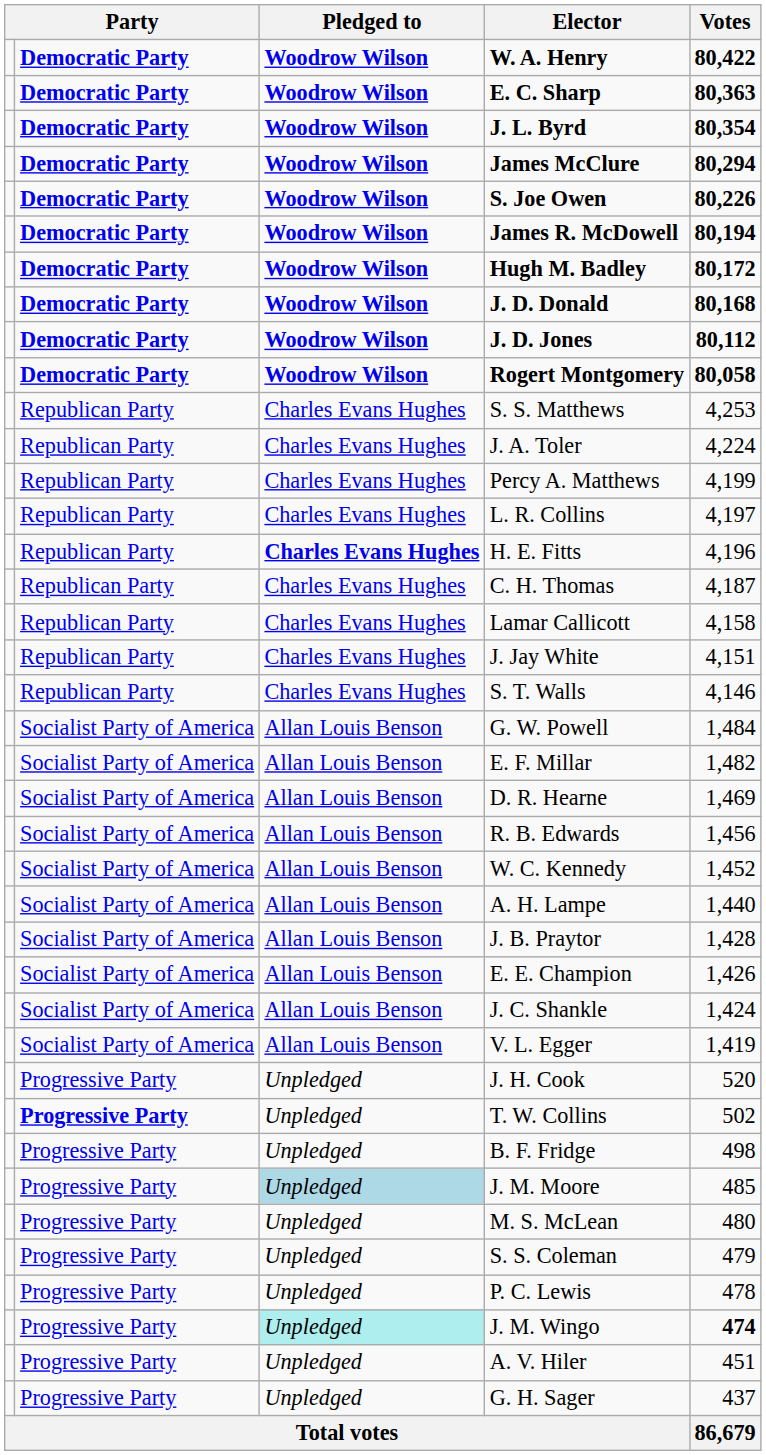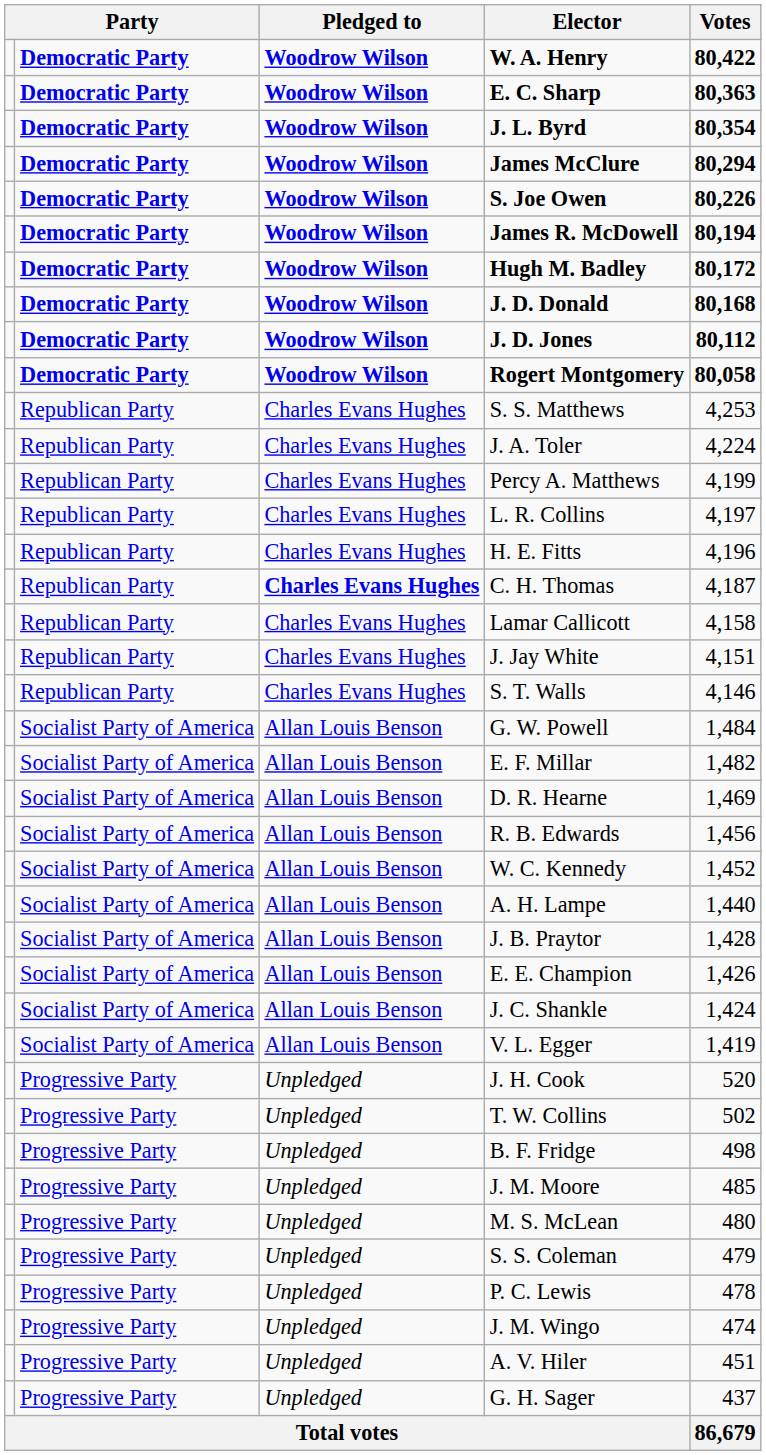 <table class="wikitable">
 <tr>
 <th colspan=2>Party</th>
 <th>Pledged to</th>
 <th>Elector</th>
 <th>Votes</th>
 </tr>
 <tr style="font-weight:bold">
 <td bgcolor=></td>
 <td><a href='#'>Democratic Party</a></td>
 <td><a href='#'>Woodrow Wilson</a></td>
 <td>W. A. Henry</td>
 <td align=right>80,422</td>
 </tr>
 <tr style="font-weight:bold">
 <td bgcolor=></td>
 <td><a href='#'>Democratic Party</a></td>
 <td><a href='#'>Woodrow Wilson</a></td>
 <td>E. C. Sharp</td>
 <td align=right>80,363</td>
 </tr>
 <tr style="font-weight:bold">
 <td bgcolor=></td>
 <td><a href='#'>Democratic Party</a></td>
 <td><a href='#'>Woodrow Wilson</a></td>
 <td>J. L. Byrd</td>
 <td align=right>80,354</td>
 </tr>
 <tr style="font-weight:bold">
 <td bgcolor=></td>
 <td><a href='#'>Democratic Party</a></td>
 <td><a href='#'>Woodrow Wilson</a></td>
 <td>James McClure</td>
 <td align=right>80,294</td>
 </tr>
 <tr style="font-weight:bold">
 <td bgcolor=></td>
 <td><a href='#'>Democratic Party</a></td>
 <td><a href='#'>Woodrow Wilson</a></td>
 <td>S. Joe Owen</td>
 <td align=right>80,226</td>
 </tr>
 <tr style="font-weight:bold">
 <td bgcolor=></td>
 <td><a href='#'>Democratic Party</a></td>
 <td><a href='#'>Woodrow Wilson</a></td>
 <td>James R. McDowell</td>
 <td align=right>80,194</td>
 </tr>
 <tr style="font-weight:bold">
 <td bgcolor=></td>
 <td><a href='#'>Democratic Party</a></td>
 <td><a href='#'>Woodrow Wilson</a></td>
 <td>Hugh M. Badley</td>
 <td align=right>80,172</td>
 </tr>
 <tr style="font-weight:bold">
 <td bgcolor=></td>
 <td><a href='#'>Democratic Party</a></td>
 <td><a href='#'>Woodrow Wilson</a></td>
 <td>J. D. Donald</td>
 <td align=right>80,168</td>
 </tr>
 <tr style="font-weight:bold">
 <td bgcolor=></td>
 <td><a href='#'>Democratic Party</a></td>
 <td><a href='#'>Woodrow Wilson</a></td>
 <td>J. D. Jones</td>
 <td align=right>80,112</td>
 </tr>
 <tr style="font-weight:bold">
 <td bgcolor=></td>
 <td><a href='#'>Democratic Party</a></td>
 <td><a href='#'>Woodrow Wilson</a></td>
 <td>Rogert Montgomery</td>
 <td align=right>80,058</td>
 </tr>
 <tr>
 <td bgcolor=></td>
 <td><a href='#'>Republican Party</a></td>
 <td><a href='#'>Charles Evans Hughes</a></td>
 <td>S. S. Matthews</td>
 <td align=right>4,253</td>
 </tr>
 <tr>
 <td bgcolor=></td>
 <td><a href='#'>Republican Party</a></td>
 <td><a href='#'>Charles Evans Hughes</a></td>
 <td>J. A. Toler</td>
 <td align=right>4,224</td>
 </tr>
 <tr>
 <td bgcolor=></td>
 <td><a href='#'>Republican Party</a></td>
 <td><a href='#'>Charles Evans Hughes</a></td>
 <td>Percy A. Matthews</td>
 <td align=right>4,199</td>
 </tr>
 <tr>
 <td bgcolor=></td>
 <td><a href='#'>Republican Party</a></td>
 <td><a href='#'>Charles Evans Hughes</a></td>
 <td>L. R. Collins</td>
 <td align=right>4,197</td>
 </tr>
 <tr>
 <td bgcolor=></td>
 <td><a href='#'>Republican Party</a></td>
-<td><strong><a href='#'>Charles Evans Hughes</a></strong></td>
+<td><a href='#'>Charles Evans Hughes</a></td>
 <td>H. E. Fitts</td>
 <td align=right>4,196</td>
 </tr>
 <tr>
 <td bgcolor=></td>
 <td><a href='#'>Republican Party</a></td>
-<td><a href='#'>Charles Evans Hughes</a></td>
+<td><strong><a href='#'>Charles Evans Hughes</a></strong></td>
 <td>C. H. Thomas</td>
 <td align=right>4,187</td>
 </tr>
 <tr>
 <td bgcolor=></td>
 <td><a href='#'>Republican Party</a></td>
 <td><a href='#'>Charles Evans Hughes</a></td>
 <td>Lamar Callicott</td>
 <td align=right>4,158</td>
 </tr>
 <tr>
 <td bgcolor=></td>
 <td><a href='#'>Republican Party</a></td>
 <td><a href='#'>Charles Evans Hughes</a></td>
 <td>J. Jay White</td>
 <td align=right>4,151</td>
 </tr>
 <tr>
 <td bgcolor=></td>
 <td><a href='#'>Republican Party</a></td>
 <td><a href='#'>Charles Evans Hughes</a></td>
 <td>S. T. Walls</td>
 <td align=right>4,146</td>
 </tr>
 <tr>
 <td bgcolor=></td>
 <td><a href='#'>Socialist Party of America</a></td>
 <td><a href='#'>Allan Louis Benson</a></td>
 <td>G. W. Powell</td>
 <td align=right>1,484</td>
 </tr>
 <tr>
 <td bgcolor=></td>
 <td><a href='#'>Socialist Party of America</a></td>
 <td><a href='#'>Allan Louis Benson</a></td>
 <td>E. F. Millar</td>
 <td align=right>1,482</td>
 </tr>
 <tr>
 <td bgcolor=></td>
 <td><a href='#'>Socialist Party of America</a></td>
 <td><a href='#'>Allan Louis Benson</a></td>
 <td>D. R. Hearne</td>
 <td align=right>1,469</td>
 </tr>
 <tr>
 <td bgcolor=></td>
 <td><a href='#'>Socialist Party of America</a></td>
 <td><a href='#'>Allan Louis Benson</a></td>
 <td>R. B. Edwards</td>
 <td align=right>1,456</td>
 </tr>
 <tr>
 <td bgcolor=></td>
 <td><a href='#'>Socialist Party of America</a></td>
 <td><a href='#'>Allan Louis Benson</a></td>
 <td>W. C. Kennedy</td>
 <td align=right>1,452</td>
 </tr>
 <tr>
 <td bgcolor=></td>
 <td><a href='#'>Socialist Party of America</a></td>
 <td><a href='#'>Allan Louis Benson</a></td>
 <td>A. H. Lampe</td>
 <td align=right>1,440</td>
 </tr>
 <tr>
 <td bgcolor=></td>
 <td><a href='#'>Socialist Party of America</a></td>
 <td><a href='#'>Allan Louis Benson</a></td>
 <td>J. B. Praytor</td>
 <td align=right>1,428</td>
 </tr>
 <tr>
 <td bgcolor=></td>
 <td><a href='#'>Socialist Party of America</a></td>
 <td><a href='#'>Allan Louis Benson</a></td>
 <td>E. E. Champion</td>
 <td align=right>1,426</td>
 </tr>
 <tr>
 <td bgcolor=></td>
 <td><a href='#'>Socialist Party of America</a></td>
 <td><a href='#'>Allan Louis Benson</a></td>
 <td>J. C. Shankle</td>
 <td align=right>1,424</td>
 </tr>
 <tr>
 <td bgcolor=></td>
 <td><a href='#'>Socialist Party of America</a></td>
 <td><a href='#'>Allan Louis Benson</a></td>
 <td>V. L. Egger</td>
 <td align=right>1,419</td>
 </tr>
 <tr>
 <td bgcolor=></td>
 <td><a href='#'>Progressive Party</a></td>
 <td><em>Unpledged</em></td>
 <td>J. H. Cook</td>
 <td align=right>520</td>
 </tr>
 <tr>
 <td bgcolor=></td>
-<td><strong><a href='#'>Progressive Party</a></strong></td>
+<td><a href='#'>Progressive Party</a></td>
 <td><em>Unpledged</em></td>
 <td>T. W. Collins</td>
 <td align=right>502</td>
 </tr>
 <tr>
 <td bgcolor=></td>
 <td><a href='#'>Progressive Party</a></td>
 <td><em>Unpledged</em></td>
 <td>B. F. Fridge</td>
 <td align=right>498</td>
 </tr>
 <tr>
 <td bgcolor=></td>
 <td><a href='#'>Progressive Party</a></td>
-<td style="background: lightblue;"><em>Unpledged</em></td>
+<td><em>Unpledged</em></td>
 <td>J. M. Moore</td>
 <td align=right>485</td>
 </tr>
 <tr>
 <td bgcolor=></td>
 <td><a href='#'>Progressive Party</a></td>
 <td><em>Unpledged</em></td>
 <td>M. S. McLean</td>
 <td align=right>480</td>
 </tr>
 <tr>
 <td bgcolor=></td>
 <td><a href='#'>Progressive Party</a></td>
 <td><em>Unpledged</em></td>
 <td>S. S. Coleman</td>
 <td align=right>479</td>
 </tr>
 <tr>
 <td bgcolor=></td>
 <td><a href='#'>Progressive Party</a></td>
 <td><em>Unpledged</em></td>
 <td>P. C. Lewis</td>
 <td align=right>478</td>
 </tr>
 <tr>
 <td bgcolor=></td>
 <td><a href='#'>Progressive Party</a></td>
-<td style="background: paleturquoise;"><em>Unpledged</em></td>
+<td><em>Unpledged</em></td>
 <td>J. M. Wingo</td>
-<td align=right><strong>474</strong></td>
+<td align=right>474</td>
 </tr>
 <tr>
 <td bgcolor=></td>
 <td><a href='#'>Progressive Party</a></td>
 <td><em>Unpledged</em></td>
 <td>A. V. Hiler</td>
 <td align=right>451</td>
 </tr>
 <tr>
 <td bgcolor=></td>
 <td><a href='#'>Progressive Party</a></td>
 <td><em>Unpledged</em></td>
 <td>G. H. Sager</td>
 <td align=right>437</td>
 </tr>
 <tr>
 <th colspan=4>Total votes</th>
 <th>86,679</th>
 </tr>
 </table>
